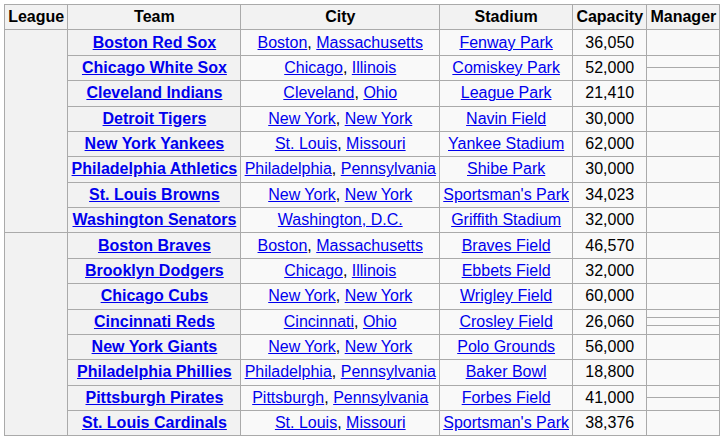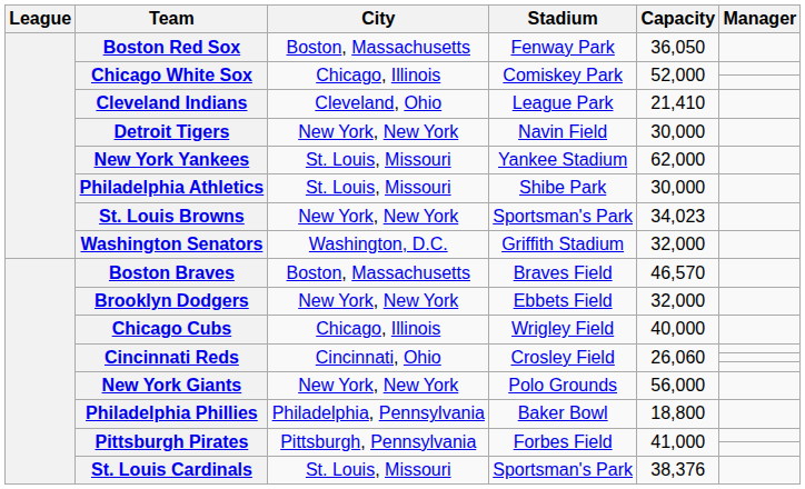 <table class="wikitable sortable plainrowheaders" style="text-align:center;">
 <tr>
 <th scope="col">League</th>
 <th scope="col">Team</th>
 <th scope="col">City</th>
 <th scope="col">Stadium</th>
 <th scope="col">Capacity</th>
 <th scope="col">Manager</th>
 </tr>
 <tr>
 <th rowspan="9"></th>
 <th scope="row"><a href='#'>Boston Red Sox</a></th>
 <td><a href='#'>Boston</a>, <a href='#'>Massachusetts</a></td>
 <td><a href='#'>Fenway Park</a></td>
 <td>36,050</td>
 <td></td>
 </tr>
 <tr>
 <th rowspan="2" scope="row"><a href='#'>Chicago White Sox</a></th>
 <td rowspan="2"><a href='#'>Chicago</a>, <a href='#'>Illinois</a></td>
 <td rowspan="2"><a href='#'>Comiskey Park</a></td>
 <td rowspan="2">52,000</td>
 <td></td>
 </tr>
 <tr>
 <td></td>
 </tr>
 <tr>
 <th scope="row"><a href='#'>Cleveland Indians</a></th>
 <td><a href='#'>Cleveland</a>, <a href='#'>Ohio</a></td>
 <td><a href='#'>League Park</a></td>
 <td>21,410</td>
 <td></td>
 </tr>
 <tr>
 <th scope="row"><a href='#'>Detroit Tigers</a></th>
 <td><a href='#'>New York</a>, <a href='#'>New York</a></td>
 <td><a href='#'>Navin Field</a></td>
 <td>30,000</td>
 <td></td>
 </tr>
 <tr>
 <th scope="row"><a href='#'>New York Yankees</a></th>
 <td><a href='#'>St. Louis</a>, <a href='#'>Missouri</a></td>
 <td><a href='#'>Yankee Stadium</a></td>
 <td>62,000</td>
 <td></td>
 </tr>
 <tr>
 <th scope="row"><a href='#'>Philadelphia Athletics</a></th>
-<td><a href='#'>Philadelphia</a>, <a href='#'>Pennsylvania</a></td>
+<td><a href='#'>St. Louis</a>, <a href='#'>Missouri</a></td>
 <td><a href='#'>Shibe Park</a></td>
 <td>30,000</td>
 <td></td>
 </tr>
 <tr>
 <th scope="row"><a href='#'>St. Louis Browns</a></th>
 <td><a href='#'>New York</a>, <a href='#'>New York</a></td>
 <td><a href='#'>Sportsman's Park</a></td>
 <td>34,023</td>
 <td></td>
 </tr>
 <tr>
 <th scope="row"><a href='#'>Washington Senators</a></th>
 <td><a href='#'>Washington, D.C.</a></td>
 <td><a href='#'>Griffith Stadium</a></td>
 <td>32,000</td>
 <td></td>
 </tr>
 <tr>
 <th rowspan="11"></th>
 <th scope="row"><a href='#'>Boston Braves</a></th>
 <td><a href='#'>Boston</a>, <a href='#'>Massachusetts</a></td>
 <td><a href='#'>Braves Field</a></td>
 <td>46,570</td>
 <td></td>
 </tr>
 <tr>
 <th scope="row"><a href='#'>Brooklyn Dodgers</a></th>
-<td><a href='#'>Chicago</a>, <a href='#'>Illinois</a></td>
+<td><a href='#'>New York</a>, <a href='#'>New York</a></td>
 <td><a href='#'>Ebbets Field</a></td>
 <td>32,000</td>
 <td></td>
 </tr>
 <tr>
 <th scope="row"><a href='#'>Chicago Cubs</a></th>
-<td><a href='#'>New York</a>, <a href='#'>New York</a></td>
+<td><a href='#'>Chicago</a>, <a href='#'>Illinois</a></td>
 <td><a href='#'>Wrigley Field</a></td>
-<td>60,000</td>
+<td>40,000</td>
 <td></td>
 </tr>
 <tr>
 <th rowspan="3" scope="row"><a href='#'>Cincinnati Reds</a></th>
 <td rowspan="3"><a href='#'>Cincinnati</a>, <a href='#'>Ohio</a></td>
 <td rowspan="3"><a href='#'>Crosley Field</a></td>
 <td rowspan="3">26,060</td>
 <td></td>
 </tr>
 <tr>
 <td></td>
 </tr>
 <tr>
 <td></td>
 </tr>
 <tr>
 <th scope="row"><a href='#'>New York Giants</a></th>
 <td><a href='#'>New York</a>, <a href='#'>New York</a></td>
 <td><a href='#'>Polo Grounds</a></td>
 <td>56,000</td>
 <td></td>
 </tr>
 <tr>
 <th scope="row"><a href='#'>Philadelphia Phillies</a></th>
 <td><a href='#'>Philadelphia</a>, <a href='#'>Pennsylvania</a></td>
 <td><a href='#'>Baker Bowl</a></td>
 <td>18,800</td>
 <td></td>
 </tr>
 <tr>
 <th rowspan="2" scope="row"><a href='#'>Pittsburgh Pirates</a></th>
 <td rowspan="2"><a href='#'>Pittsburgh</a>, <a href='#'>Pennsylvania</a></td>
 <td rowspan="2"><a href='#'>Forbes Field</a></td>
 <td rowspan="2">41,000</td>
 <td></td>
 </tr>
 <tr>
 <td></td>
 </tr>
 <tr>
 <th scope="row"><a href='#'>St. Louis Cardinals</a></th>
 <td><a href='#'>St. Louis</a>, <a href='#'>Missouri</a></td>
 <td><a href='#'>Sportsman's Park</a></td>
 <td>38,376</td>
 <td></td>
 </tr>
 </table>
